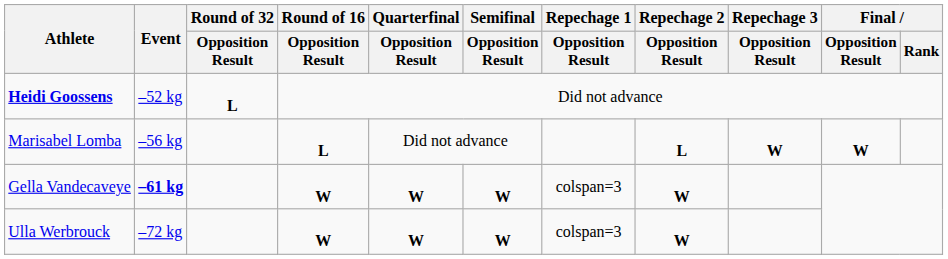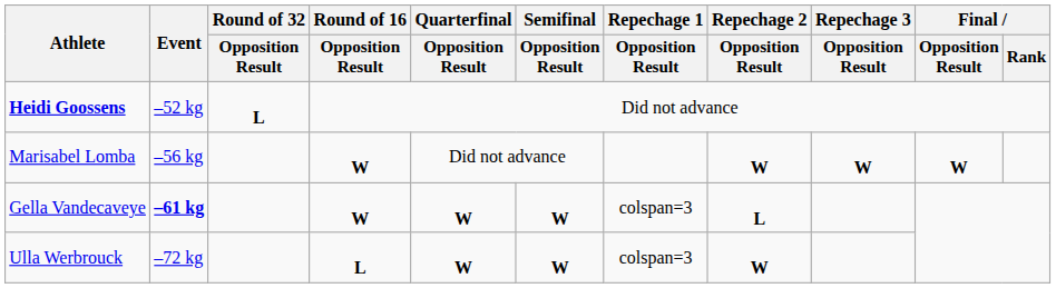 <table class=wikitable style=font-size:90%;text-align:center>
 <tr>
 <th rowspan=2>Athlete</th>
 <th rowspan=2>Event</th>
 <th>Round of 32</th>
 <th>Round of 16</th>
 <th>Quarterfinal</th>
 <th>Semifinal</th>
 <th>Repechage 1</th>
 <th>Repechage 2</th>
 <th>Repechage 3</th>
 <th colspan=2>Final / </th>
 </tr>
 <tr style=font-size:95%>
 <th>Opposition<br>Result</th>
 <th>Opposition<br>Result</th>
 <th>Opposition<br>Result</th>
 <th>Opposition<br>Result</th>
 <th>Opposition<br>Result</th>
 <th>Opposition<br>Result</th>
 <th>Opposition<br>Result</th>
 <th>Opposition<br>Result</th>
 <th>Rank</th>
 </tr>
 <tr>
 <td align=left><strong><a href='#'>Heidi Goossens</a></strong></td>
 <td align=left><a href='#'>–52 kg</a></td>
 <td><br><strong>L</strong></td>
 <td colspan=9>Did not advance</td>
 </tr>
 <tr>
 <td align=left><a href='#'>Marisabel Lomba</a></td>
 <td align=left><a href='#'>–56 kg</a></td>
 <td></td>
-<td><br><strong>L</strong></td>
+<td><br><strong>W</strong></td>
 <td colspan=2>Did not advance</td>
 <td></td>
-<td><br><strong>L</strong></td>
+<td><br><strong>W</strong></td>
 <td><br><strong>W</strong></td>
 <td><br><strong>W</strong></td>
 <td></td>
 </tr>
 <tr>
 <td align=left><a href='#'>Gella Vandecaveye</a></td>
 <td align=left><strong><a href='#'>–61 kg</a></strong></td>
 <td></td>
 <td><br><strong>W</strong></td>
 <td><br><strong>W</strong></td>
 <td><br><strong>W</strong></td>
 <td>colspan=3 </td>
-<td><br><strong>W</strong></td>
+<td><br><strong>L</strong></td>
 <td></td>
 </tr>
 <tr>
 <td align=left><a href='#'>Ulla Werbrouck</a></td>
 <td align=left><a href='#'>–72 kg</a></td>
 <td></td>
-<td><br><strong>W</strong></td>
+<td><br><strong>L</strong></td>
 <td><br><strong>W</strong></td>
 <td><br><strong>W</strong></td>
 <td>colspan=3 </td>
 <td><br><strong>W</strong></td>
 <td></td>
 </tr>
 </table>
